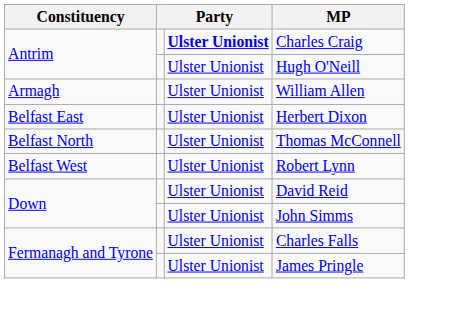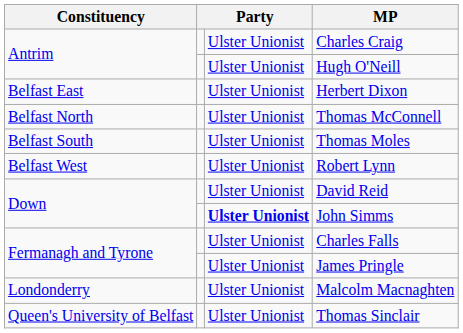 <table class=wikitable>
 <tr>
 <th>Constituency</th>
 <th colspan=2>Party</th>
 <th>MP</th>
 </tr>
 <tr>
 <td rowspan=2><a href='#'>Antrim</a></td>
 <td style="background-color: "></td>
-<td><strong><a href='#'>Ulster Unionist</a></strong></td>
+<td><a href='#'>Ulster Unionist</a></td>
 <td><a href='#'>Charles Craig</a></td>
 </tr>
 <tr>
 <td style="background-color: "></td>
 <td><a href='#'>Ulster Unionist</a></td>
 <td><a href='#'>Hugh O'Neill</a></td>
-</tr>
-<tr>
-<td><a href='#'>Armagh</a></td>
-<td style="background-color: "></td>
-<td><a href='#'>Ulster Unionist</a></td>
-<td><a href='#'>William Allen</a></td>
 </tr>
 <tr>
 <td><a href='#'>Belfast East</a></td>
 <td style="background-color: "></td>
 <td><a href='#'>Ulster Unionist</a></td>
 <td><a href='#'>Herbert Dixon</a></td>
 </tr>
 <tr>
 <td><a href='#'>Belfast North</a></td>
 <td style="background-color: "></td>
 <td><a href='#'>Ulster Unionist</a></td>
 <td><a href='#'>Thomas McConnell</a></td>
+</tr>
+<tr>
+<td><a href='#'>Belfast South</a></td>
+<td style="background-color: "></td>
+<td><a href='#'>Ulster Unionist</a></td>
+<td><a href='#'>Thomas Moles</a></td>
 </tr>
 <tr>
 <td><a href='#'>Belfast West</a></td>
 <td style="background-color: "></td>
 <td><a href='#'>Ulster Unionist</a></td>
 <td><a href='#'>Robert Lynn</a></td>
 </tr>
 <tr>
 <td rowspan=2><a href='#'>Down</a></td>
 <td style="background-color: "></td>
 <td><a href='#'>Ulster Unionist</a></td>
 <td><a href='#'>David Reid</a></td>
 </tr>
 <tr>
 <td style="background-color: "></td>
-<td><a href='#'>Ulster Unionist</a></td>
+<td><strong><a href='#'>Ulster Unionist</a></strong></td>
 <td><a href='#'>John Simms</a></td>
 </tr>
 <tr>
 <td rowspan=2><a href='#'>Fermanagh and Tyrone</a></td>
 <td style="background-color: "></td>
 <td><a href='#'>Ulster Unionist</a></td>
 <td><a href='#'>Charles Falls</a></td>
 </tr>
 <tr>
 <td style="background-color: "></td>
 <td><a href='#'>Ulster Unionist</a></td>
 <td><a href='#'>James Pringle</a></td>
 </tr>
+<tr>
+<td><a href='#'>Londonderry</a></td>
+<td style="background-color: "></td>
+<td><a href='#'>Ulster Unionist</a></td>
+<td><a href='#'>Malcolm Macnaghten</a></td>
+</tr>
+<tr>
+<td><a href='#'>Queen's University of Belfast</a></td>
+<td style="background-color: "></td>
+<td><a href='#'>Ulster Unionist</a></td>
+<td><a href='#'>Thomas Sinclair</a></td>
+</tr>
 </table>
